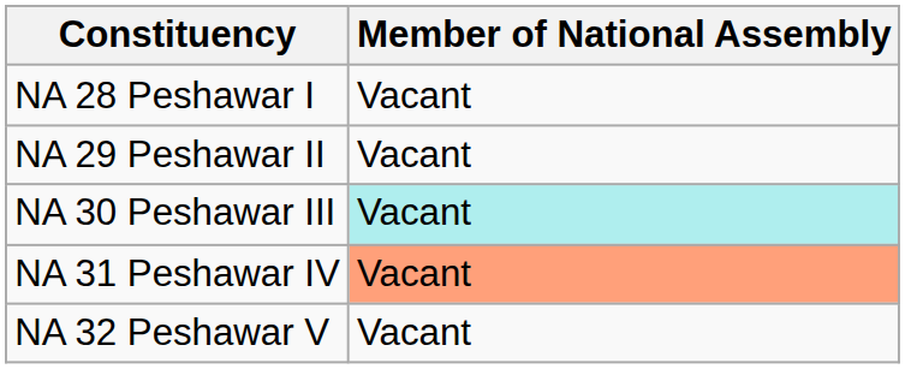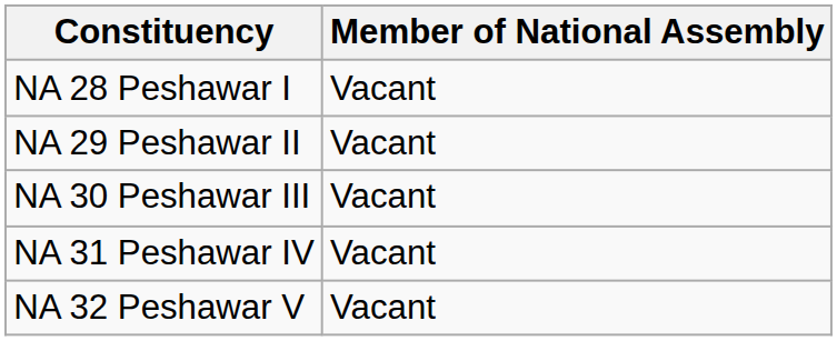 <table class="wikitable sortable">
 <tr>
 <th>Constituency</th>
 <th>Member of National Assembly</th>
 </tr>
 <tr>
 <td>NA 28 Peshawar I</td>
 <td>Vacant</td>
 </tr>
 <tr>
 <td>NA 29 Peshawar II</td>
 <td>Vacant</td>
 </tr>
 <tr>
 <td>NA 30 Peshawar III</td>
-<td style="background: paleturquoise;">Vacant</td>
+<td>Vacant</td>
 </tr>
 <tr>
 <td>NA 31 Peshawar IV</td>
-<td style="background: lightsalmon;">Vacant</td>
+<td>Vacant</td>
 </tr>
 <tr>
 <td>NA 32 Peshawar V</td>
 <td>Vacant</td>
 </tr>
 </table>
